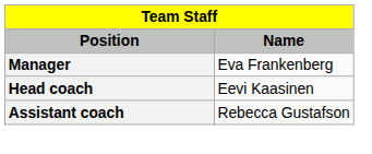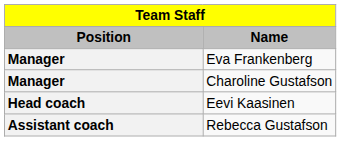 <table class="wikitable" style="text-align:left; font-size:90%;">
 <tr>
 <th style=background:Yellow colspan=2>Team Staff</th>
 </tr>
 <tr>
 <th width=60% style="background:silver;">Position</th>
 <th style="background:silver;">Name</th>
 </tr>
 <tr>
 <th style="text-align:left;">Manager</th>
 <td>Eva Frankenberg</td>
 </tr>
 <tr>
+<th style="text-align:left;">Manager</th>
+<td>Charoline Gustafson</td>
+</tr>
+<tr>
 <th style="text-align:left;">Head coach</th>
 <td>Eevi Kaasinen</td>
 </tr>
 <tr>
 <th style="text-align:left;">Assistant coach</th>
 <td>Rebecca Gustafson</td>
 </tr>
 </table>
